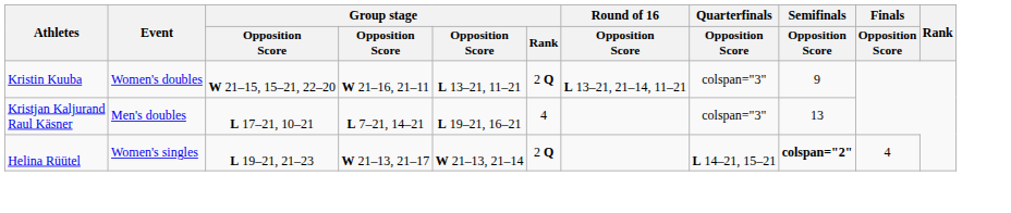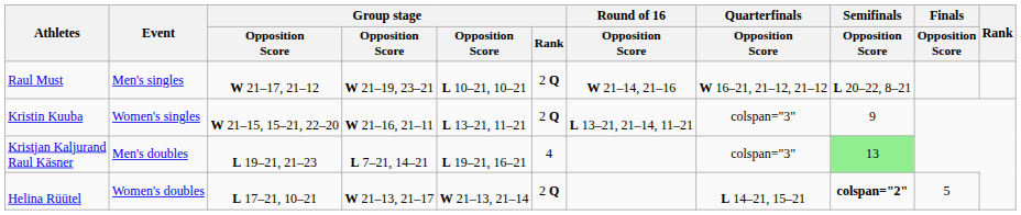 <table class=wikitable style="font-size:90%">
 <tr>
 <th rowspan="2">Athletes</th>
 <th rowspan="2">Event</th>
 <th colspan="4">Group stage</th>
 <th>Round of 16</th>
 <th>Quarterfinals</th>
 <th>Semifinals</th>
 <th>Finals</th>
 <th rowspan="2">Rank</th>
 </tr>
 <tr style="font-size:95%">
 <th>Opposition<br>Score</th>
 <th>Opposition<br>Score</th>
 <th>Opposition<br>Score</th>
 <th>Rank</th>
 <th>Opposition<br>Score</th>
 <th>Opposition<br>Score</th>
 <th>Opposition<br>Score</th>
 <th>Opposition<br>Score</th>
 </tr>
 <tr align=center>
+<td align=left><a href='#'>Raul Must</a></td>
+<td align=left><a href='#'>Men's singles</a></td>
+<td><br><strong>W</strong> 21–17, 21–12</td>
+<td><br><strong>W</strong> 21–19, 23–21</td>
+<td><br><strong>L</strong> 10–21, 10–21</td>
+<td>2 <strong>Q</strong></td>
+<td><br><strong>W</strong> 21–14, 21–16</td>
+<td><br><strong>W</strong> 16–21, 21–12, 21–12</td>
+<td><br><strong>L</strong> 20–22, 8–21</td>
+<td></td>
+<td></td>
+</tr>
+<tr align=center>
 <td align=left><a href='#'>Kristin Kuuba</a></td>
-<td align=left><a href='#'>Women's doubles</a></td>
+<td align=left><a href='#'>Women's singles</a></td>
 <td><br><strong>W</strong> 21–15, 15–21, 22–20</td>
 <td><br><strong>W</strong> 21–16, 21–11</td>
 <td><br><strong>L</strong> 13–21, 11–21</td>
 <td>2 <strong>Q</strong></td>
 <td><br><strong>L</strong> 13–21, 21–14, 11–21</td>
 <td>colspan="3" </td>
 <td>9</td>
 </tr>
 <tr align=center>
 <td align=left><a href='#'>Kristjan Kaljurand</a><br><a href='#'>Raul Käsner</a></td>
 <td align=left><a href='#'>Men's doubles</a></td>
-<td><br><strong>L</strong> 17–21, 10–21</td>
+<td><br><strong>L</strong> 19–21, 21–23</td>
 <td><br><strong>L</strong> 7–21, 14–21</td>
 <td><br><strong>L</strong> 19–21, 16–21</td>
 <td>4</td>
 <td></td>
 <td>colspan="3" </td>
-<td>13</td>
+<td style="background: lightgreen;">13</td>
 </tr>
 <tr align=center>
 <td align=left><br><a href='#'>Helina Rüütel</a></td>
-<td align=left><a href='#'>Women's singles</a></td>
-<td><br><strong>L</strong> 19–21, 21–23</td>
+<td align=left><a href='#'>Women's doubles</a></td>
+<td><br><strong>L</strong> 17–21, 10–21</td>
 <td><br><strong>W</strong> 21–13, 21–17</td>
 <td><br><strong>W</strong> 21–13, 21–14</td>
 <td>2 <strong>Q</strong></td>
 <td></td>
 <td><br><strong>L</strong> 14–21, 15–21</td>
 <td><strong>colspan="2" </strong></td>
-<td>4</td>
+<td>5</td>
 </tr>
 </table>
